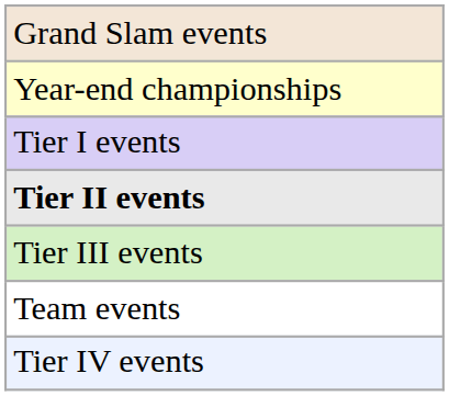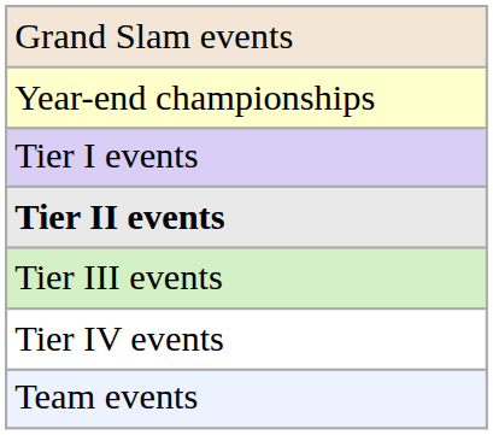 <table class=wikitable style=font-size:90%;width:15%>
 <tr style="background:#f3e6d7;">
 <td>Grand Slam events</td>
 </tr>
 <tr style="background:#ffc;">
 <td>Year-end championships</td>
 </tr>
 <tr style="background:#d8cef6;">
 <td>Tier I events</td>
 </tr>
 <tr style="background:#e9e9e9;">
 <td><strong>Tier II events</strong></td>
 </tr>
 <tr style="background:#d4f1c5;">
 <td>Tier III events</td>
 </tr>
 <tr style="background:#fff;">
+<td>Tier IV events</td>
+</tr>
+<tr bgcolor=#ECF2FF>
 <td>Team events</td>
 </tr>
-<tr bgcolor=#ECF2FF>
-<td>Tier IV events</td>
-</tr>
 </table>
